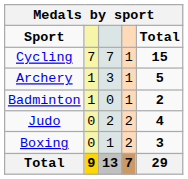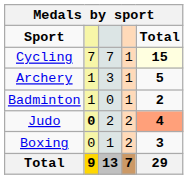 <table class="wikitable" style="font-size:85%">
 <tr style="background:#efefef;">
 <th colspan=5><strong>Medals by sport</strong></th>
 </tr>
 <tr align=center>
 <td><strong>Sport</strong></td>
 <td bgcolor=#f7f6a8></td>
 <td bgcolor=#dce5e5></td>
 <td bgcolor=#ffdab9></td>
 <td><strong>Total</strong></td>
 </tr>
 <tr align=center>
 <td><a href='#'>Cycling</a></td>
 <td style="background:#F7F6A8;">7</td>
 <td style="background:#DCE5E5;">7</td>
 <td style="background:#FFDAB9;">1</td>
-<td><strong>15</strong></td>
+<td style="background: lightyellow;"><strong>15</strong></td>
 </tr>
 <tr align=center>
 <td><a href='#'>Archery</a></td>
 <td style="background:#F7F6A8;">1</td>
 <td style="background:#DCE5E5;">3</td>
 <td style="background:#FFDAB9;">1</td>
 <td><strong>5</strong></td>
 </tr>
 <tr align=center>
 <td><a href='#'>Badminton</a></td>
 <td style="background:#F7F6A8;">1</td>
 <td style="background:#DCE5E5;">0</td>
 <td style="background:#FFDAB9;">1</td>
 <td><strong>2</strong></td>
 </tr>
 <tr align=center>
 <td><a href='#'>Judo</a></td>
-<td style="background:#F7F6A8;">0</td>
+<td style="background:#F7F6A8;"><strong>0</strong></td>
 <td style="background:#DCE5E5;">2</td>
 <td style="background:#FFDAB9;">2</td>
-<td><strong>4</strong></td>
+<td style="background: lightsalmon;"><strong>4</strong></td>
 </tr>
 <tr align=center>
 <td><a href='#'>Boxing</a></td>
 <td style="background:#F7F6A8;">0</td>
 <td style="background:#DCE5E5;">1</td>
 <td style="background:#FFDAB9;">2</td>
 <td><strong>3</strong></td>
 </tr>
 <tr align=center>
 <th><strong>Total</strong></th>
 <th style="background:gold;"><strong>9</strong></th>
 <th style="background:silver;"><strong>13</strong></th>
 <th style="background:#c96;"><strong>7</strong></th>
 <th><strong>29</strong></th>
 </tr>
 </table>
